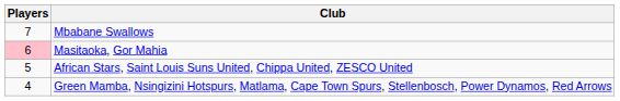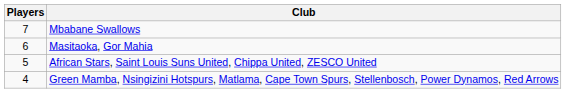 <table class="wikitable sortable">
 <tr>
 <th>Players</th>
 <th>Club</th>
 </tr>
 <tr>
 <td align="center">7</td>
 <td> <a href='#'>Mbabane Swallows</a></td>
 </tr>
 <tr>
-<td align="center" style="background: pink;">6</td>
+<td align="center">6</td>
 <td> <a href='#'>Masitaoka</a>,  <a href='#'>Gor Mahia</a></td>
 </tr>
 <tr>
 <td align="center">5</td>
 <td> <a href='#'>African Stars</a>,  <a href='#'>Saint Louis Suns United</a>,  <a href='#'>Chippa United</a>,  <a href='#'>ZESCO United</a></td>
 </tr>
 <tr>
 <td align="center">4</td>
 <td> <a href='#'>Green Mamba</a>,  <a href='#'>Nsingizini Hotspurs</a>,  <a href='#'>Matlama</a>,  <a href='#'>Cape Town Spurs</a>,  <a href='#'>Stellenbosch</a>,  <a href='#'>Power Dynamos</a>,  <a href='#'>Red Arrows</a></td>
 </tr>
 </table>
